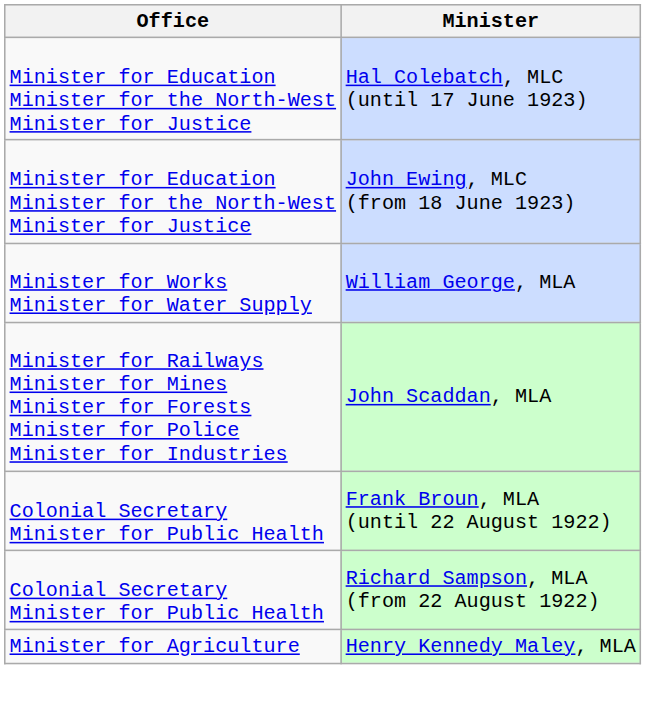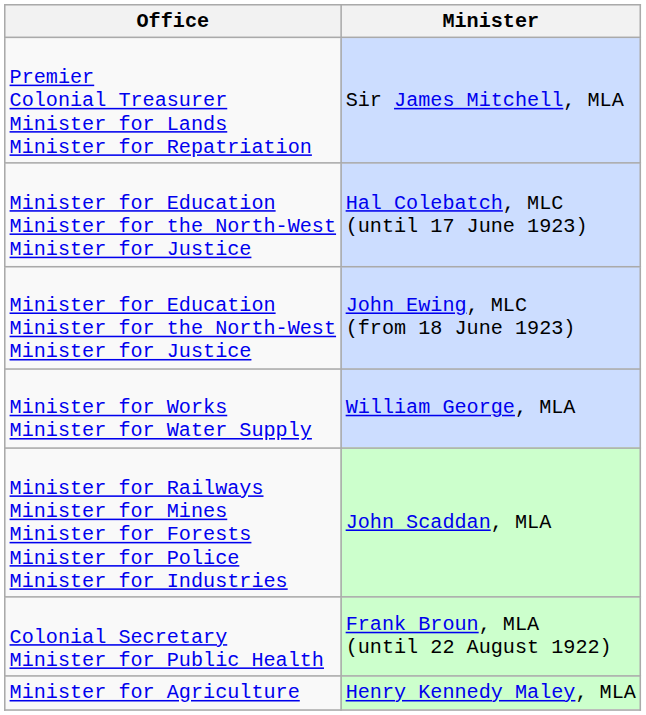 <table class="wikitable">
 <tr>
 <th>Office</th>
 <th>Minister</th>
+</tr>
+<tr>
+<td><br><a href='#'>Premier</a><br> <a href='#'>Colonial Treasurer</a><br> <a href='#'>Minister for Lands</a><br> <a href='#'>Minister for Repatriation</a></td>
+<td style="background:#CCDDFF">Sir <a href='#'>James Mitchell</a>, MLA</td>
 </tr>
 <tr>
 <td><br><a href='#'>Minister for Education</a><br> <a href='#'>Minister for the North-West</a><br> <a href='#'>Minister for Justice</a><br></td>
 <td style="background:#CCDDFF"><a href='#'>Hal Colebatch</a>, MLC<br>(until 17 June 1923)</td>
 </tr>
 <tr>
 <td><br><a href='#'>Minister for Education</a><br> <a href='#'>Minister for the North-West</a><br> <a href='#'>Minister for Justice</a><br></td>
 <td style="background:#CCDDFF"><a href='#'>John Ewing</a>, MLC<br>(from 18 June 1923)</td>
 </tr>
 <tr>
 <td><br><a href='#'>Minister for Works</a><br> <a href='#'>Minister for Water Supply</a><br></td>
 <td style="background:#CCDDFF"><a href='#'>William George</a>, MLA</td>
 </tr>
 <tr>
 <td><br><a href='#'>Minister for Railways</a><br> <a href='#'>Minister for Mines</a><br> <a href='#'>Minister for Forests</a><br> <a href='#'>Minister for Police</a><br> <a href='#'>Minister for Industries</a><br></td>
 <td style="background:#CCFFCC"><a href='#'>John Scaddan</a>, MLA</td>
 </tr>
 <tr>
 <td><br><a href='#'>Colonial Secretary</a><br> <a href='#'>Minister for Public Health</a><br></td>
 <td style="background:#CCFFCC"><a href='#'>Frank Broun</a>, MLA<br>(until 22 August 1922)</td>
 </tr>
 <tr>
-<td><br><a href='#'>Colonial Secretary</a><br> <a href='#'>Minister for Public Health</a><br></td>
-<td style="background:#CCFFCC"><a href='#'>Richard Sampson</a>, MLA<br>(from 22 August 1922)</td>
-</tr>
-<tr>
 <td><a href='#'>Minister for Agriculture</a><br></td>
 <td style="background:#CCFFCC"><a href='#'>Henry Kennedy Maley</a>, MLA</td>
 </tr>
 </table>
